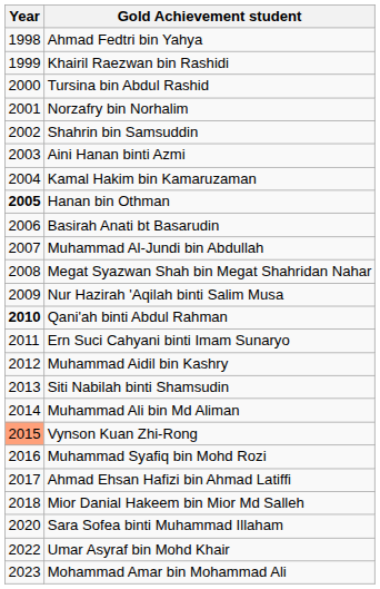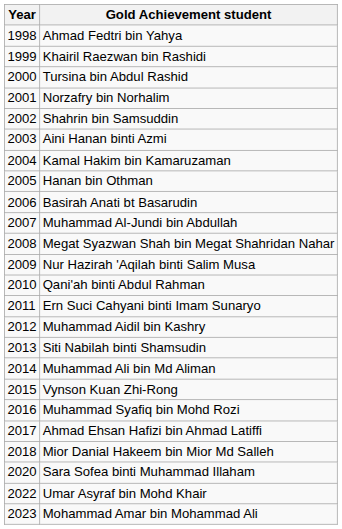 <table class="wikitable">
 <tr>
 <th>Year</th>
 <th>Gold Achievement student</th>
 </tr>
 <tr>
 <td>1998</td>
 <td>Ahmad Fedtri bin Yahya</td>
 </tr>
 <tr>
 <td>1999</td>
 <td>Khairil Raezwan bin Rashidi</td>
 </tr>
 <tr>
 <td>2000</td>
 <td>Tursina bin Abdul Rashid</td>
 </tr>
 <tr>
 <td>2001</td>
 <td>Norzafry bin Norhalim</td>
 </tr>
 <tr>
 <td>2002</td>
 <td>Shahrin bin Samsuddin</td>
 </tr>
 <tr>
 <td>2003</td>
 <td>Aini Hanan binti Azmi</td>
 </tr>
 <tr>
 <td>2004</td>
 <td>Kamal Hakim bin Kamaruzaman</td>
 </tr>
 <tr>
-<td><strong>2005</strong></td>
+<td>2005</td>
 <td>Hanan bin Othman</td>
 </tr>
 <tr>
 <td>2006</td>
 <td>Basirah Anati bt Basarudin</td>
 </tr>
 <tr>
 <td>2007</td>
 <td>Muhammad Al-Jundi bin Abdullah</td>
 </tr>
 <tr>
 <td>2008</td>
 <td>Megat Syazwan Shah bin Megat Shahridan Nahar</td>
 </tr>
 <tr>
 <td>2009</td>
 <td>Nur Hazirah 'Aqilah binti Salim Musa</td>
 </tr>
 <tr>
-<td><strong>2010</strong></td>
+<td>2010</td>
 <td>Qani'ah binti Abdul Rahman</td>
 </tr>
 <tr>
 <td>2011</td>
 <td>Ern Suci Cahyani binti Imam Sunaryo</td>
 </tr>
 <tr>
 <td>2012</td>
 <td>Muhammad Aidil bin Kashry</td>
 </tr>
 <tr>
 <td>2013</td>
 <td>Siti Nabilah binti Shamsudin</td>
 </tr>
 <tr>
 <td>2014</td>
 <td>Muhammad Ali bin Md Aliman</td>
 </tr>
 <tr>
-<td style="background: lightsalmon;">2015</td>
+<td>2015</td>
 <td>Vynson Kuan Zhi-Rong</td>
 </tr>
 <tr>
 <td>2016</td>
 <td>Muhammad Syafiq bin Mohd Rozi</td>
 </tr>
 <tr>
 <td>2017</td>
 <td>Ahmad Ehsan Hafizi bin Ahmad Latiffi</td>
 </tr>
 <tr>
 <td>2018</td>
 <td>Mior Danial Hakeem bin Mior Md Salleh</td>
 </tr>
 <tr>
 <td>2020</td>
 <td>Sara Sofea binti Muhammad Illaham</td>
 </tr>
 <tr>
 <td>2022</td>
 <td>Umar Asyraf bin Mohd Khair</td>
 </tr>
 <tr>
 <td>2023</td>
 <td>Mohammad Amar bin Mohammad Ali</td>
 </tr>
 </table>
